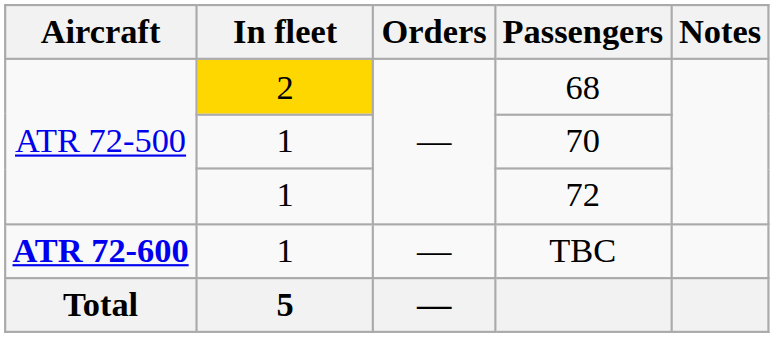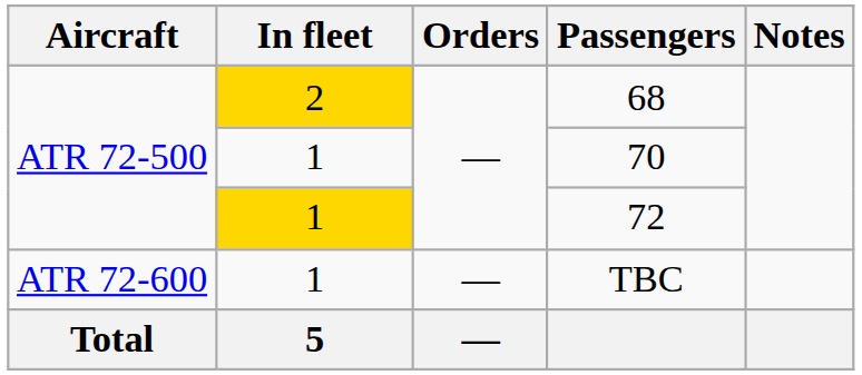 <table class="wikitable" style="margin:1em auto; text-align:center;">
 <tr>
 <th>Aircraft</th>
 <th style="width:75px;">In fleet</th>
 <th>Orders</th>
 <th>Passengers</th>
 <th>Notes</th>
 </tr>
 <tr>
 <td rowspan="3"><a href='#'>ATR 72-500</a></td>
 <td style="background: gold;">2</td>
 <td rowspan="3">—</td>
 <td>68</td>
 <td rowspan="3"></td>
 </tr>
 <tr>
 <td>1</td>
 <td>70</td>
 </tr>
 <tr>
-<td>1</td>
+<td style="background: gold;">1</td>
 <td>72</td>
 </tr>
 <tr>
-<td><strong><a href='#'>ATR 72-600</a></strong></td>
+<td><a href='#'>ATR 72-600</a></td>
 <td>1</td>
 <td>—</td>
 <td>TBC</td>
 <td></td>
 </tr>
 <tr>
 <th>Total</th>
 <th>5</th>
 <th>—</th>
 <th></th>
 <th></th>
 </tr>
 </table>
